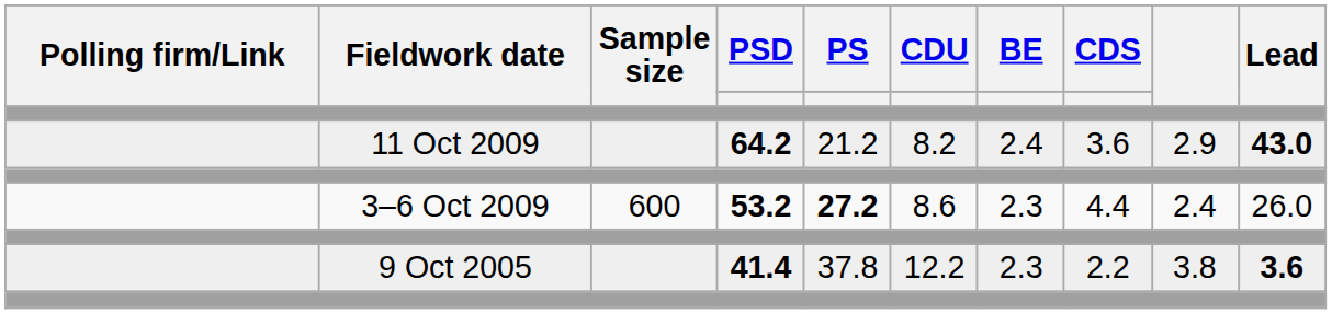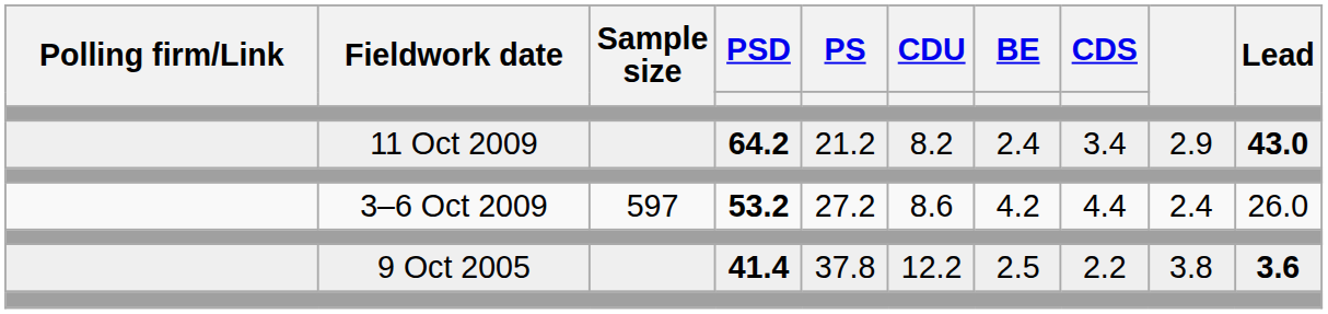 <table class="wikitable collapsible sortable" style="text-align:center; font-size:95%; line-height:16px;">
 <tr style="height:42px;">
 <th style="width:145px;" rowspan="2">Polling firm/Link</th>
 <th style="width:125px;" rowspan="2">Fieldwork date</th>
 <th class="unsortable" style="width:50px;" rowspan="2">Sample size</th>
 <th class="unsortable" style="width:35px;"><a href='#'>PSD</a></th>
 <th class="unsortable" style="width:35px;"><a href='#'>PS</a></th>
 <th class="unsortable" style="width:35px;"><a href='#'>CDU</a></th>
 <th class="unsortable" style="width:35px;"><a href='#'>BE</a></th>
 <th class="unsortable" style="width:35px;"><a href='#'>CDS</a></th>
 <th class="unsortable" style="width:35px;" rowspan="2"></th>
 <th class="unsortable" style="width:30px;" rowspan="2">Lead</th>
 </tr>
 <tr>
 <th class="unsortable" style="color:inherit;background:"></th>
 <th class="unsortable" style="color:inherit;background:"></th>
 <th class="unsortable" style="color:inherit;background:"></th>
 <th class="unsortable" style="color:inherit;background:"></th>
 <th class="unsortable" style="color:inherit;background:"></th>
 </tr>
 <tr>
 <td colspan="13" style="background:#A0A0A0"></td>
 </tr>
 <tr style="background:#EFEFEF;">
 <td><strong></strong></td>
 <td data-sort-value="2019-10-06">11 Oct 2009</td>
 <td></td>
 <td><strong>64.2</strong><br></td>
 <td>21.2<br></td>
 <td>8.2<br></td>
 <td>2.4<br></td>
-<td>3.6<br></td>
+<td>3.4<br></td>
 <td>2.9</td>
 <td style="background:"><strong>43.0</strong></td>
 </tr>
 <tr>
 <td colspan="13" style="background:#A0A0A0"></td>
 </tr>
 <tr>
 <td align="center"></td>
 <td align="center">3–6 Oct 2009</td>
-<td>600</td>
+<td>597</td>
 <td align="center" ><strong>53.2</strong></td>
-<td align="center"><strong>27.2</strong></td>
+<td align="center">27.2</td>
 <td align="center">8.6</td>
-<td align="center">2.3</td>
+<td align="center">4.2</td>
 <td align="center">4.4</td>
 <td align="center">2.4</td>
 <td style="background:">26.0</td>
 </tr>
 <tr>
 <td colspan="13" style="background:#A0A0A0"></td>
 </tr>
 <tr style="background:#EFEFEF;">
 <td><strong></strong></td>
 <td data-sort-value="2019-10-06">9 Oct 2005</td>
 <td></td>
 <td><strong>41.4</strong><br></td>
 <td>37.8<br></td>
 <td>12.2<br></td>
-<td>2.3<br></td>
+<td>2.5<br></td>
 <td>2.2<br></td>
 <td>3.8</td>
 <td style="background:"><strong>3.6</strong></td>
 </tr>
 <tr>
 <td colspan="13" style="background:#A0A0A0"></td>
 </tr>
 <tr>
 </tr>
 </table>
